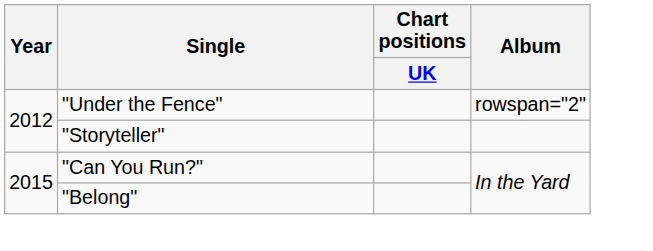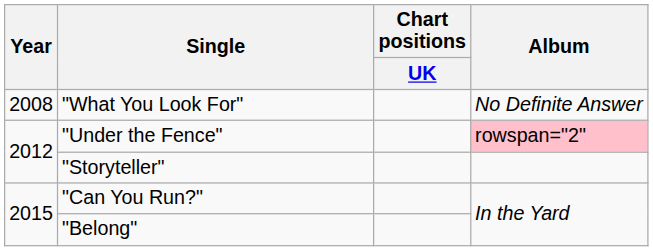 <table class="wikitable">
 <tr>
 <th width="23" rowspan="2">Year</th>
 <th width="250" rowspan="2">Single</th>
 <th colspan="1">Chart positions</th>
 <th rowspan="2">Album</th>
 </tr>
 <tr>
 <th width="30" align="center"><a href='#'>UK</a></th>
 </tr>
 <tr>
+<td>2008</td>
+<td>"What You Look For"</td>
+<td></td>
+<td><em>No Definite Answer</em></td>
+</tr>
+<tr>
 <td rowspan="2">2012</td>
 <td>"Under the Fence"</td>
 <td></td>
-<td>rowspan="2" </td>
+<td style="background: pink;">rowspan="2" </td>
 </tr>
 <tr>
 <td>"Storyteller"</td>
 <td></td>
 </tr>
 <tr>
 <td rowspan="2">2015</td>
 <td>"Can You Run?"</td>
 <td></td>
 <td rowspan="2"><em>In the Yard</em></td>
 </tr>
 <tr>
 <td>"Belong"</td>
 <td></td>
 </tr>
 </table>
